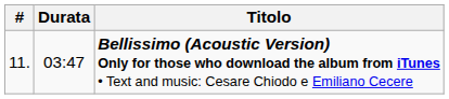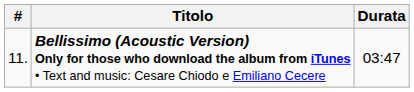 <table class="wikitable">
 <tr>
 <th>#</th>
+<th>Titolo</th>
 <th>Durata</th>
-<th>Titolo</th>
 </tr>
 <tr>
 <td>11.</td>
+<td align="left"><strong><em>Bellissimo (Acoustic Version)</em></strong><br><small><strong>Only for those who download the album from <a href='#'>iTunes</a></strong><br> • Text and music: Cesare Chiodo e <a href='#'>Emiliano Cecere</a></small></td>
 <td style="text-align:center;">03:47</td>
-<td align="left"><strong><em>Bellissimo (Acoustic Version)</em></strong><br><small><strong>Only for those who download the album from <a href='#'>iTunes</a></strong><br> • Text and music: Cesare Chiodo e <a href='#'>Emiliano Cecere</a></small></td>
 </tr>
 </table>
